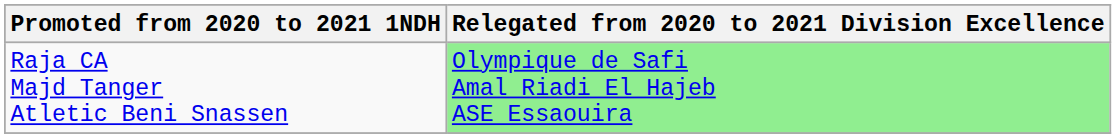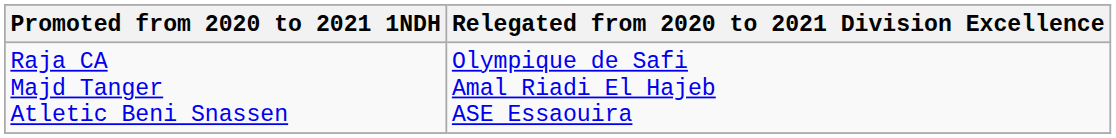 <table class="wikitable">
 <tr>
 <th> Promoted from 2020 to 2021 1NDH</th>
 <th> Relegated from 2020 to 2021 Division Excellence</th>
 </tr>
 <tr>
 <td><a href='#'>Raja CA</a><br><a href='#'>Majd Tanger</a><br><a href='#'>Atletic Beni Snassen</a></td>
-<td style="background: lightgreen;"><a href='#'>Olympique de Safi</a><br><a href='#'>Amal Riadi El Hajeb</a><br><a href='#'>ASE Essaouira</a></td>
+<td><a href='#'>Olympique de Safi</a><br><a href='#'>Amal Riadi El Hajeb</a><br><a href='#'>ASE Essaouira</a></td>
 </tr>
 </table>
